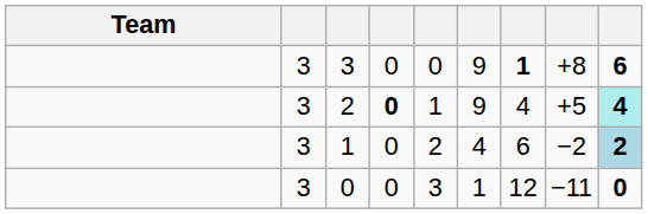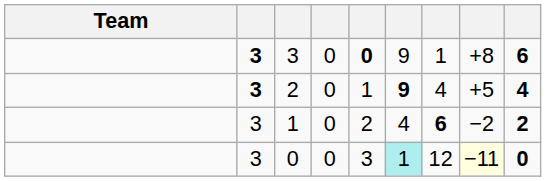 <table class="wikitable" style="text-align:center">
 <tr>
 <th width=165>Team</th>
 <th width=20></th>
 <th width=20></th>
 <th width=20></th>
 <th width=20></th>
 <th width=20></th>
 <th width=20></th>
 <th width=20></th>
 <th width=20></th>
 </tr>
 <tr align=center>
 <td align=left></td>
-<td>3</td>
+<td><strong>3</strong></td>
 <td>3</td>
 <td>0</td>
-<td>0</td>
+<td><strong>0</strong></td>
 <td>9</td>
-<td><strong>1</strong></td>
+<td>1</td>
 <td>+8</td>
 <td><strong>6</strong></td>
 </tr>
 <tr align=center>
 <td align=left></td>
-<td>3</td>
+<td><strong>3</strong></td>
 <td>2</td>
-<td><strong>0</strong></td>
+<td>0</td>
 <td>1</td>
-<td>9</td>
+<td><strong>9</strong></td>
 <td>4</td>
 <td>+5</td>
-<td style="background: paleturquoise;"><strong>4</strong></td>
+<td><strong>4</strong></td>
 </tr>
 <tr align=center>
 <td align=left></td>
 <td>3</td>
 <td>1</td>
 <td>0</td>
 <td>2</td>
 <td>4</td>
-<td>6</td>
+<td><strong>6</strong></td>
 <td>−2</td>
-<td style="background: lightblue;"><strong>2</strong></td>
+<td><strong>2</strong></td>
 </tr>
 <tr align=center>
 <td align=left></td>
 <td>3</td>
 <td>0</td>
 <td>0</td>
 <td>3</td>
-<td>1</td>
+<td style="background: paleturquoise;">1</td>
 <td>12</td>
-<td>−11</td>
+<td style="background: lightyellow;">−11</td>
 <td><strong>0</strong></td>
 </tr>
 </table>
